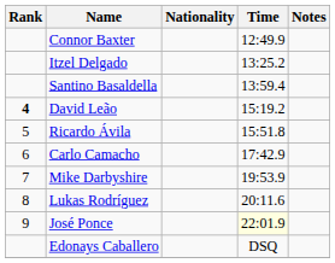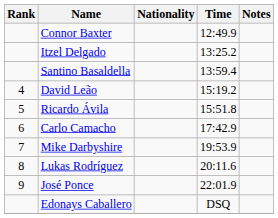 <table class="wikitable sortable" style="text-align:center">
 <tr>
 <th>Rank</th>
 <th>Name</th>
 <th>Nationality</th>
 <th>Time</th>
 <th>Notes</th>
 </tr>
 <tr>
 <td></td>
 <td align=left><a href='#'>Connor Baxter</a></td>
 <td align=left></td>
 <td>12:49.9</td>
 <td></td>
 </tr>
 <tr>
 <td></td>
 <td align=left><a href='#'>Itzel Delgado</a></td>
 <td align=left></td>
 <td>13:25.2</td>
 <td></td>
 </tr>
 <tr>
 <td></td>
 <td align=left><a href='#'>Santino Basaldella</a></td>
 <td align=left></td>
 <td>13:59.4</td>
 <td></td>
 </tr>
 <tr>
-<td><strong>4</strong></td>
+<td>4</td>
 <td align=left><a href='#'>David Leão</a></td>
 <td align=left></td>
 <td>15:19.2</td>
 <td></td>
 </tr>
 <tr>
 <td>5</td>
 <td align=left><a href='#'>Ricardo Ávila</a></td>
 <td align=left></td>
 <td>15:51.8</td>
 <td></td>
 </tr>
 <tr>
 <td>6</td>
 <td align=left><a href='#'>Carlo Camacho</a></td>
 <td align=left></td>
 <td>17:42.9</td>
 <td></td>
 </tr>
 <tr>
 <td>7</td>
 <td align=left><a href='#'>Mike Darbyshire</a></td>
 <td align=left></td>
 <td>19:53.9</td>
 <td></td>
 </tr>
 <tr>
 <td>8</td>
 <td align=left><a href='#'>Lukas Rodríguez</a></td>
 <td align=left></td>
 <td>20:11.6</td>
 <td></td>
 </tr>
 <tr>
 <td>9</td>
 <td align=left><a href='#'>José Ponce</a></td>
 <td align=left></td>
-<td style="background: lightyellow;">22:01.9</td>
+<td>22:01.9</td>
 <td></td>
 </tr>
 <tr>
 <td></td>
 <td align=left><a href='#'>Edonays Caballero</a></td>
 <td align=left></td>
 <td>DSQ</td>
 <td></td>
 </tr>
 <tr>
 </tr>
 </table>
